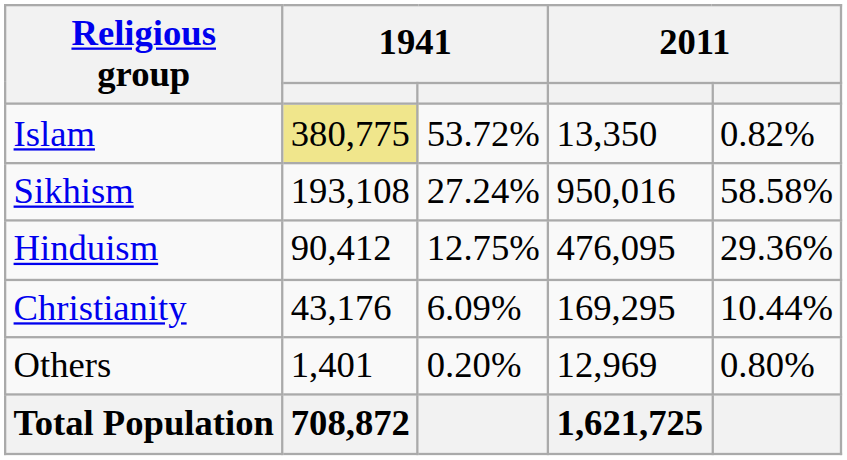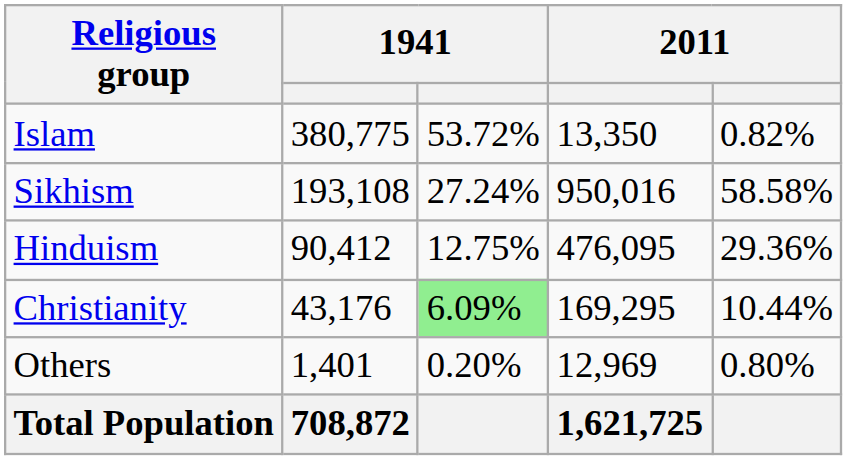 <table class="wikitable sortable">
 <tr>
 <th rowspan="2"><a href='#'>Religious</a><br>group</th>
 <th colspan="2">1941</th>
 <th colspan="2">2011</th>
 </tr>
 <tr>
 <th><a href='#'></a></th>
 <th></th>
 <th></th>
 <th></th>
 </tr>
 <tr>
 <td><a href='#'>Islam</a> </td>
-<td style="background: khaki;">380,775</td>
+<td>380,775</td>
 <td>53.72%</td>
 <td>13,350</td>
 <td>0.82%</td>
 </tr>
 <tr>
 <td><a href='#'>Sikhism</a> </td>
 <td>193,108</td>
 <td>27.24%</td>
 <td>950,016</td>
 <td>58.58%</td>
 </tr>
 <tr>
 <td><a href='#'>Hinduism</a> </td>
 <td>90,412</td>
 <td>12.75%</td>
 <td>476,095</td>
 <td>29.36%</td>
 </tr>
 <tr>
 <td><a href='#'>Christianity</a> </td>
 <td>43,176</td>
-<td>6.09%</td>
+<td style="background: lightgreen;">6.09%</td>
 <td>169,295</td>
 <td>10.44%</td>
 </tr>
 <tr>
 <td>Others</td>
 <td>1,401</td>
 <td>0.20%</td>
 <td>12,969</td>
 <td>0.80%</td>
 </tr>
 <tr>
 <th>Total Population</th>
 <th>708,872</th>
 <th></th>
 <th>1,621,725</th>
 <th></th>
 </tr>
 </table>
